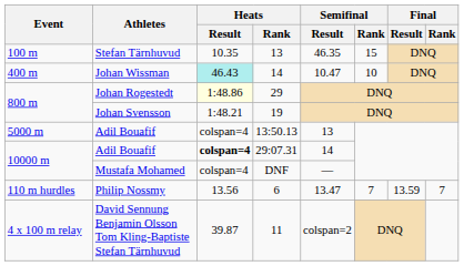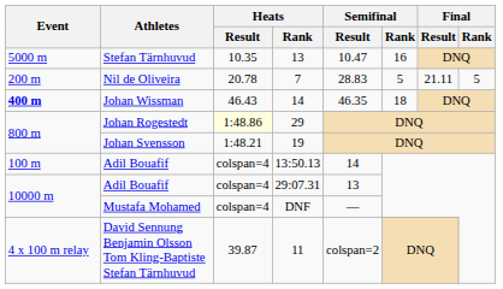 <table class="wikitable" border="1" style="font-size:90%">
 <tr>
 <th rowspan="2" width=100>Event</th>
 <th rowspan="2" width=120>Athletes</th>
 <th colspan="2">Heats</th>
 <th colspan="2">Semifinal</th>
 <th colspan="2">Final</th>
 </tr>
 <tr>
 <th>Result</th>
 <th>Rank</th>
 <th>Result</th>
 <th>Rank</th>
 <th>Result</th>
 <th>Rank</th>
 </tr>
 <tr>
-<td><a href='#'>100 m</a></td>
+<td><a href='#'>5000 m</a></td>
 <td><a href='#'>Stefan Tärnhuvud</a></td>
 <td align=center>10.35</td>
 <td align=center>13</td>
-<td align=center>46.35</td>
-<td align=center>15</td>
+<td align=center>10.47</td>
+<td align=center>16</td>
 <td colspan=2 align=center bgcolor="wheat">DNQ</td>
 </tr>
 <tr>
-<td><a href='#'>400 m</a></td>
+<td><a href='#'>200 m</a></td>
+<td><a href='#'>Nil de Oliveira</a></td>
+<td align=center>20.78</td>
+<td align=center>7</td>
+<td align=center>28.83</td>
+<td align=center>5</td>
+<td align=center>21.11</td>
+<td align=center>5</td>
+</tr>
+<tr>
+<td><strong><a href='#'>400 m</a></strong></td>
 <td><a href='#'>Johan Wissman</a></td>
-<td align=center style="background: paleturquoise;">46.43</td>
+<td align=center>46.43</td>
 <td align=center>14</td>
-<td align=center>10.47</td>
-<td align=center>10</td>
+<td align=center>46.35</td>
+<td align=center>18</td>
 <td colspan=2 align=center bgcolor="wheat">DNQ</td>
 </tr>
 <tr>
 <td rowspan=2><a href='#'>800 m</a></td>
 <td><a href='#'>Johan Rogestedt</a></td>
 <td align=center style="background: lightyellow;">1:48.86</td>
 <td align=center>29</td>
 <td colspan=4 align=center bgcolor="wheat">DNQ</td>
 </tr>
 <tr>
 <td><a href='#'>Johan Svensson</a></td>
 <td align=center>1:48.21</td>
 <td align=center>19</td>
 <td colspan=4 align=center bgcolor="wheat">DNQ</td>
 </tr>
 <tr>
-<td><a href='#'>5000 m</a></td>
+<td><a href='#'>100 m</a></td>
 <td><a href='#'>Adil Bouafif</a></td>
 <td>colspan=4 </td>
 <td align=center>13:50.13</td>
-<td align=center>13</td>
+<td align=center>14</td>
 </tr>
 <tr>
 <td rowspan=2><a href='#'>10000 m</a></td>
 <td><a href='#'>Adil Bouafif</a></td>
-<td><strong>colspan=4 </strong></td>
+<td>colspan=4 </td>
 <td align=center>29:07.31</td>
-<td align=center>14</td>
+<td align=center>13</td>
 </tr>
 <tr>
 <td><a href='#'>Mustafa Mohamed</a></td>
 <td>colspan=4 </td>
 <td align=center>DNF</td>
 <td align=center>—</td>
-</tr>
-<tr>
-<td><a href='#'>110 m hurdles</a></td>
-<td><a href='#'>Philip Nossmy</a></td>
-<td align=center>13.56</td>
-<td align=center>6</td>
-<td align=center>13.47</td>
-<td align=center>7</td>
-<td align=center>13.59</td>
-<td align=center>7</td>
 </tr>
 <tr>
 <td><a href='#'>4 x 100 m relay</a></td>
 <td><a href='#'>David Sennung</a><br><a href='#'>Benjamin Olsson</a><br><a href='#'>Tom Kling-Baptiste</a><br><a href='#'>Stefan Tärnhuvud</a></td>
 <td align=center>39.87</td>
 <td align=center>11</td>
 <td>colspan=2 </td>
 <td colspan=2 align=center bgcolor="wheat">DNQ</td>
 </tr>
 </table>
